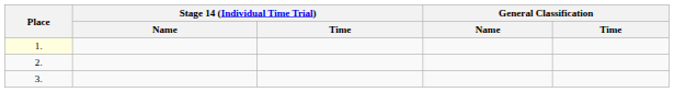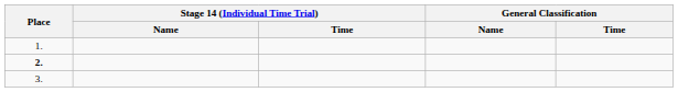 <table class=wikitable style="font-size:95%" width="80%">
 <tr>
 <th rowspan="2">Place</th>
 <th colspan="2">Stage 14 (<a href='#'>Individual Time Trial</a>)</th>
 <th colspan="2">General Classification</th>
 </tr>
 <tr>
 <th>Name</th>
 <th>Time</th>
 <th>Name</th>
 <th>Time</th>
 </tr>
 <tr>
-<td align="center" style="background: lightyellow;">1.</td>
+<td align="center">1.</td>
 <td></td>
 <td></td>
 <td></td>
 <td></td>
 </tr>
 <tr>
-<td align="center">2.</td>
+<td align="center"><strong>2.</strong></td>
 <td></td>
 <td></td>
 <td></td>
 <td></td>
 </tr>
 <tr>
 <td align="center">3.</td>
 <td></td>
 <td></td>
 <td></td>
 <td></td>
 </tr>
 </table>
